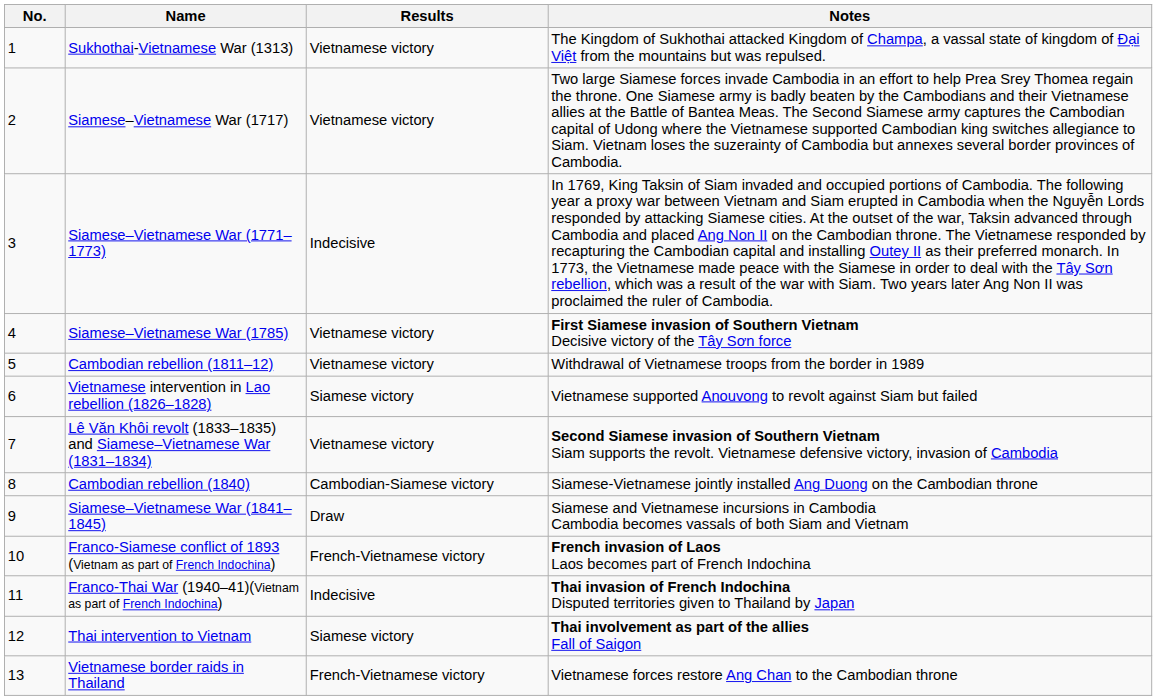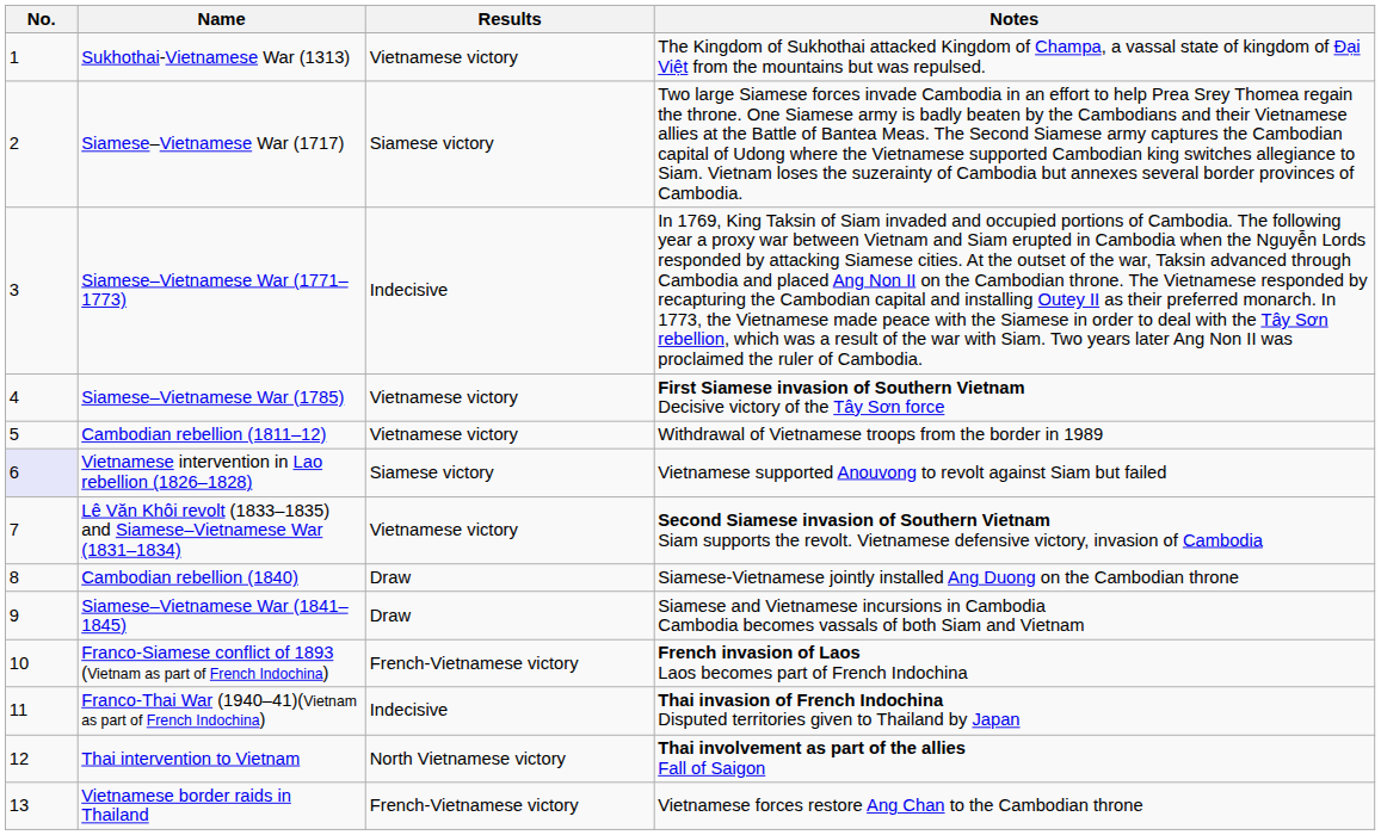 <table class="wikitable" style="text-align:left; width=95%">
 <tr>
 <th width=5%>No.</th>
 <th width=20%>Name</th>
 <th width=20%>Results</th>
 <th width=50%>Notes</th>
 </tr>
 <tr>
 <td>1</td>
 <td><a href='#'>Sukhothai</a>-<a href='#'>Vietnamese</a> War (1313)</td>
 <td>Vietnamese victory</td>
 <td>The Kingdom of Sukhothai attacked Kingdom of <a href='#'>Champa</a>, a vassal state of kingdom of <a href='#'>Đại Việt</a> from the mountains but was repulsed.</td>
 </tr>
 <tr>
 <td>2</td>
 <td><a href='#'>Siamese</a>–<a href='#'>Vietnamese</a> War (1717)</td>
-<td>Vietnamese victory</td>
+<td>Siamese victory</td>
 <td>Two large Siamese forces invade Cambodia in an effort to help Prea Srey Thomea regain the throne. One Siamese army is badly beaten by the Cambodians and their Vietnamese allies at the Battle of Bantea Meas. The Second Siamese army captures the Cambodian capital of Udong where the Vietnamese supported Cambodian king switches allegiance to Siam. Vietnam loses the suzerainty of Cambodia but annexes several border provinces of Cambodia.</td>
 </tr>
 <tr>
 <td>3</td>
 <td><a href='#'>Siamese–Vietnamese War (1771–1773)</a></td>
 <td>Indecisive</td>
 <td>In 1769, King Taksin of Siam invaded and occupied portions of Cambodia. The following year a proxy war between Vietnam and Siam erupted in Cambodia when the Nguyễn Lords responded by attacking Siamese cities. At the outset of the war, Taksin advanced through Cambodia and placed <a href='#'>Ang Non II</a> on the Cambodian throne. The Vietnamese responded by recapturing the Cambodian capital and installing <a href='#'>Outey II</a> as their preferred monarch. In 1773, the Vietnamese made peace with the Siamese in order to deal with the <a href='#'>Tây Sơn rebellion</a>, which was a result of the war with Siam. Two years later Ang Non II was proclaimed the ruler of Cambodia.</td>
 </tr>
 <tr>
 <td>4</td>
 <td><a href='#'>Siamese–Vietnamese War (1785)</a></td>
 <td>Vietnamese victory</td>
 <td><strong>First Siamese invasion of Southern Vietnam</strong> <br> Decisive victory of the <a href='#'>Tây Sơn force</a></td>
 </tr>
 <tr>
 <td>5</td>
 <td><a href='#'>Cambodian rebellion (1811–12)</a></td>
 <td>Vietnamese victory</td>
 <td>Withdrawal of Vietnamese troops from the border in 1989</td>
 </tr>
 <tr>
-<td>6</td>
+<td style="background: lavender;">6</td>
 <td><a href='#'>Vietnamese</a> intervention in <a href='#'>Lao rebellion (1826–1828)</a></td>
 <td>Siamese victory</td>
 <td>Vietnamese supported <a href='#'>Anouvong</a> to revolt against Siam but failed</td>
 </tr>
 <tr>
 <td>7</td>
 <td><a href='#'>Lê Văn Khôi revolt</a> (1833–1835) and <a href='#'>Siamese–Vietnamese War (1831–1834)</a></td>
 <td>Vietnamese victory</td>
 <td><strong>Second Siamese invasion of Southern Vietnam</strong> <br> Siam supports the revolt. Vietnamese defensive victory, invasion of <a href='#'>Cambodia</a></td>
 </tr>
 <tr>
 <td>8</td>
 <td><a href='#'>Cambodian rebellion (1840)</a></td>
-<td>Cambodian-Siamese victory</td>
+<td>Draw</td>
 <td>Siamese-Vietnamese jointly installed <a href='#'>Ang Duong</a> on the Cambodian throne</td>
 </tr>
 <tr>
 <td>9</td>
 <td><a href='#'>Siamese–Vietnamese War (1841–1845)</a></td>
 <td>Draw</td>
 <td>Siamese and Vietnamese incursions in Cambodia <br> Cambodia becomes vassals of both Siam and Vietnam</td>
 </tr>
 <tr>
 <td>10</td>
 <td><a href='#'>Franco-Siamese conflict of 1893</a> (<small>Vietnam as part of <a href='#'>French Indochina</a></small>)</td>
 <td>French-Vietnamese victory</td>
 <td><strong>French invasion of Laos</strong> <br> Laos becomes part of French Indochina</td>
 </tr>
 <tr>
 <td>11</td>
 <td><a href='#'>Franco-Thai War</a> (1940–41)(<small>Vietnam as part of <a href='#'>French Indochina</a></small>)</td>
 <td>Indecisive</td>
 <td><strong>Thai invasion of French Indochina</strong> <br> Disputed territories given to Thailand by <a href='#'>Japan</a></td>
 </tr>
 <tr>
 <td>12</td>
 <td><a href='#'>Thai intervention to Vietnam</a></td>
-<td>Siamese victory</td>
+<td>North Vietnamese victory</td>
 <td><strong>Thai involvement as part of the allies</strong> <br> <a href='#'>Fall of Saigon</a></td>
 </tr>
 <tr>
 <td>13</td>
 <td><a href='#'>Vietnamese border raids in Thailand</a></td>
 <td>French-Vietnamese victory</td>
 <td>Vietnamese forces restore <a href='#'>Ang Chan</a> to the Cambodian throne</td>
 </tr>
 </table>
